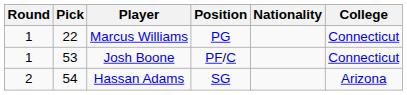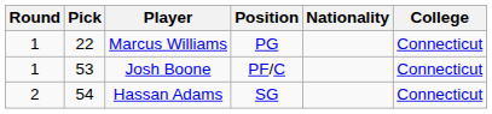 <table class="wikitable sortable sortable">
 <tr>
 <th>Round</th>
 <th>Pick</th>
 <th>Player</th>
 <th>Position</th>
 <th>Nationality</th>
 <th>College</th>
 </tr>
 <tr style="text-align: center">
 <td>1</td>
 <td>22</td>
 <td><a href='#'>Marcus Williams</a></td>
 <td><a href='#'>PG</a></td>
 <td></td>
 <td><a href='#'>Connecticut</a></td>
 </tr>
 <tr style="text-align: center">
 <td>1</td>
 <td>53</td>
 <td><a href='#'>Josh Boone</a></td>
 <td><a href='#'>PF</a>/<a href='#'>C</a></td>
 <td></td>
 <td><a href='#'>Connecticut</a></td>
 </tr>
 <tr style="text-align: center">
 <td>2</td>
 <td>54</td>
 <td><a href='#'>Hassan Adams</a></td>
 <td><a href='#'>SG</a></td>
 <td></td>
-<td><a href='#'>Arizona</a></td>
+<td><a href='#'>Connecticut</a></td>
 </tr>
 </table>
